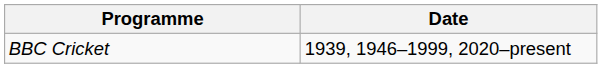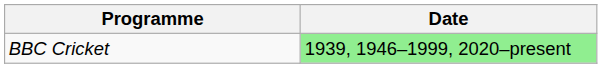 <table class="wikitable">
 <tr>
 <th width=250>Programme</th>
 <th width=250>Date</th>
 </tr>
 <tr>
 <td><em>BBC Cricket</em></td>
-<td>1939, 1946–1999, 2020–present</td>
+<td style="background: lightgreen;">1939, 1946–1999, 2020–present</td>
 </tr>
 </table>
